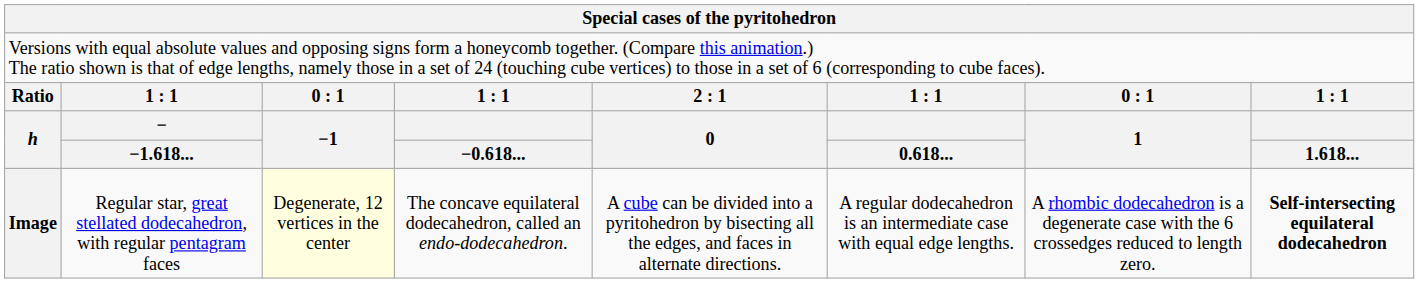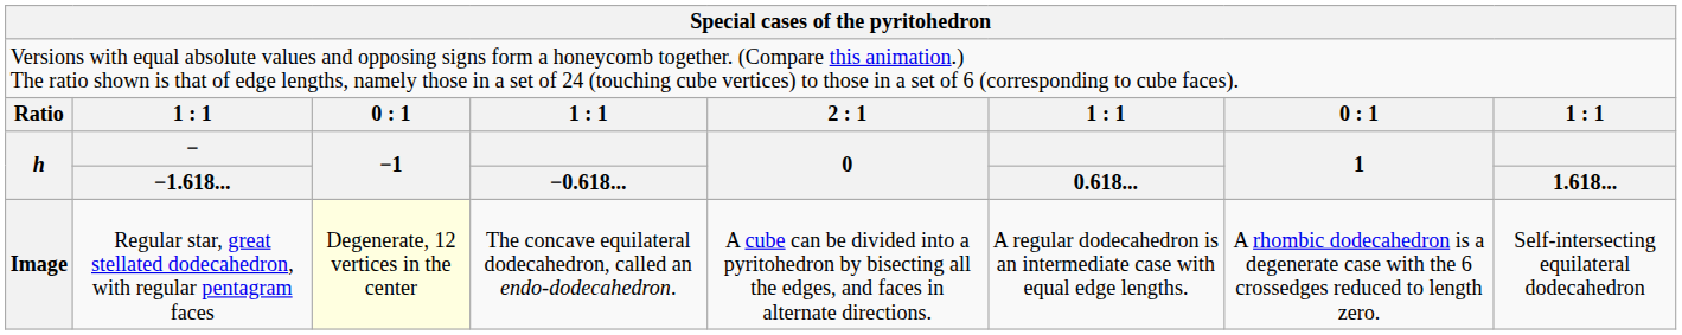 <table class="wikitable collapsible collapsed">
 <tr>
 <th colspan="8">Special cases of the pyritohedron</th>
 </tr>
 <tr>
 <td colspan="8">Versions with equal absolute values and opposing signs form a honeycomb together. (Compare <a href='#'>this animation</a>.)<br>The ratio shown is that of edge lengths, namely those in a set of 24 (touching cube vertices) to those in a set of 6 (corresponding to cube faces).</td>
 </tr>
 <tr>
 <th>Ratio</th>
 <th>1 : 1</th>
 <th>0 : 1</th>
 <th>1 : 1</th>
 <th>2 : 1</th>
 <th>1 : 1</th>
 <th>0 : 1</th>
 <th>1 : 1</th>
 </tr>
 <tr>
 <th rowspan="2"><em>h</em></th>
 <th>−</th>
 <th rowspan="2">−1</th>
 <th></th>
 <th rowspan="2">0</th>
 <th></th>
 <th rowspan="2">1</th>
 <th></th>
 </tr>
 <tr>
 <th>−1.618...</th>
 <th>−0.618...</th>
 <th>0.618...</th>
 <th>1.618...</th>
 </tr>
 <tr style="text-align: center; vertical-align: top;">
 <th style="vertical-align: middle;">Image</th>
 <td><br>Regular star, <a href='#'>great stellated dodecahedron</a>, with regular <a href='#'>pentagram</a> faces</td>
 <td style="background: lightyellow;"><br>Degenerate, 12 vertices in the center</td>
 <td><br>The concave equilateral dodecahedron, called an <em>endo-dodecahedron</em>. </td>
 <td><br>A <a href='#'>cube</a> can be divided into a pyritohedron by bisecting all the edges, and faces in alternate directions.</td>
 <td><br>A regular dodecahedron is an intermediate case with equal edge lengths.</td>
 <td><br>A <a href='#'>rhombic dodecahedron</a> is a degenerate case with the 6 crossedges reduced to length zero.</td>
-<td><strong><br>Self-intersecting equilateral dodecahedron</strong></td>
+<td><br>Self-intersecting equilateral dodecahedron</td>
 </tr>
 </table>
